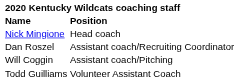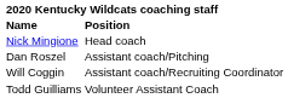 <table class="toccolours" style="text-align: left; font-size:90%;">
 <tr>
 <th colspan="9">2020 Kentucky Wildcats coaching staff</th>
 </tr>
 <tr>
 <th>Name</th>
 <th>Position</th>
 </tr>
 <tr>
 <td><a href='#'>Nick Mingione</a></td>
 <td>Head coach</td>
 </tr>
 <tr>
 <td>Dan Roszel</td>
-<td>Assistant coach/Recruiting Coordinator</td>
+<td>Assistant coach/Pitching</td>
 </tr>
 <tr>
 <td>Will Coggin</td>
-<td>Assistant coach/Pitching</td>
+<td>Assistant coach/Recruiting Coordinator</td>
 </tr>
 <tr>
 <td>Todd Guilliams</td>
 <td>Volunteer Assistant Coach</td>
 </tr>
 </table>
